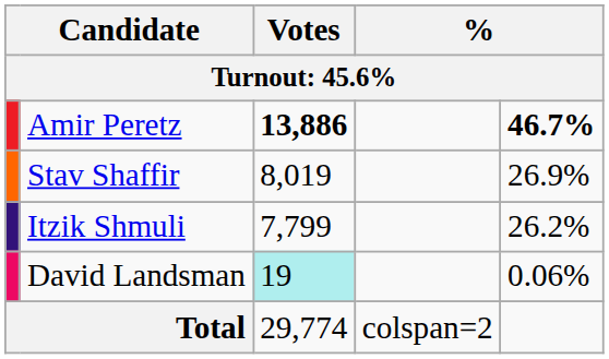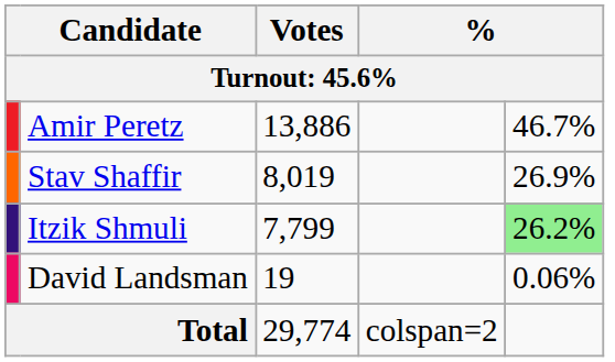 <table class="wikitable plainrowheaders">
 <tr>
 <th colspan="2">Candidate</th>
 <th>Votes</th>
 <th colspan="2">%</th>
 </tr>
 <tr style="font-size:85%">
 <th scope="row" colspan=5 style="text-align:center"><strong>Turnout:</strong>  45.6%</th>
 </tr>
 <tr>
 <td style="background:#EE1C25;"></td>
 <td><a href='#'>Amir Peretz</a> </td>
-<td><strong>13,886</strong></td>
+<td>13,886</td>
 <td></td>
-<td><strong>46.7%</strong></td>
+<td>46.7%</td>
 </tr>
 <tr>
 <td style="background:#FF6600;"></td>
 <td><a href='#'>Stav Shaffir</a></td>
 <td>8,019</td>
 <td></td>
 <td>26.9%</td>
 </tr>
 <tr>
 <td style="background:#32127A;"></td>
 <td><a href='#'>Itzik Shmuli</a></td>
 <td>7,799</td>
 <td></td>
-<td>26.2%</td>
+<td style="background: lightgreen;">26.2%</td>
 </tr>
 <tr>
 <td style="background:#ED0963;"></td>
 <td>David Landsman</td>
-<td style="background: paleturquoise;">19</td>
+<td>19</td>
 <td></td>
 <td>0.06%</td>
 </tr>
 <tr>
 <th style="text-align:right;" colspan="2">Total</th>
 <td>29,774</td>
 <td>colspan=2 </td>
 </tr>
 </table>
